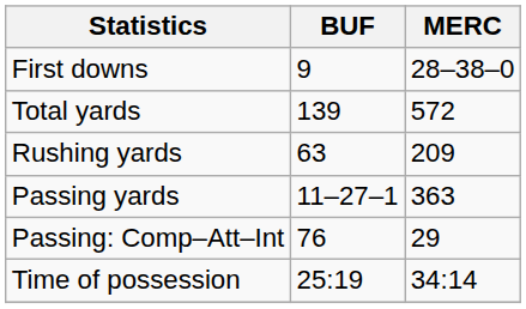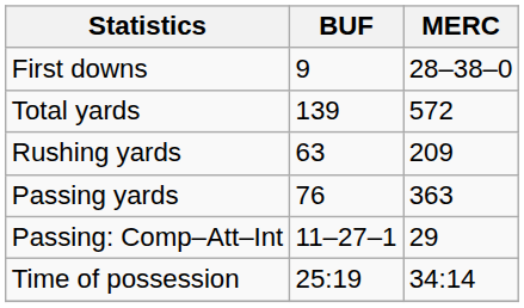 <table class="wikitable" style="float: left;">
 <tr>
 <th>Statistics</th>
 <th>BUF</th>
 <th>MERC</th>
 </tr>
 <tr>
 <td>First downs</td>
 <td>9</td>
 <td>28–38–0</td>
 </tr>
 <tr>
 <td>Total yards</td>
 <td>139</td>
 <td>572</td>
 </tr>
 <tr>
 <td>Rushing yards</td>
 <td>63</td>
 <td>209</td>
 </tr>
 <tr>
 <td>Passing yards</td>
-<td>11–27–1</td>
+<td>76</td>
 <td>363</td>
 </tr>
 <tr>
 <td>Passing: Comp–Att–Int</td>
-<td>76</td>
+<td>11–27–1</td>
 <td>29</td>
 </tr>
 <tr>
 <td>Time of possession</td>
 <td>25:19</td>
 <td>34:14</td>
 </tr>
 <tr>
 </tr>
 </table>
